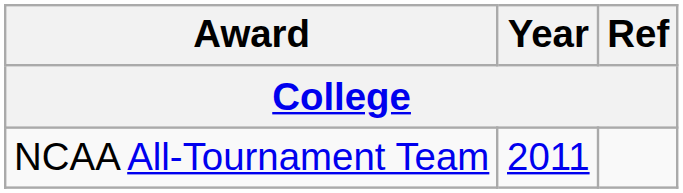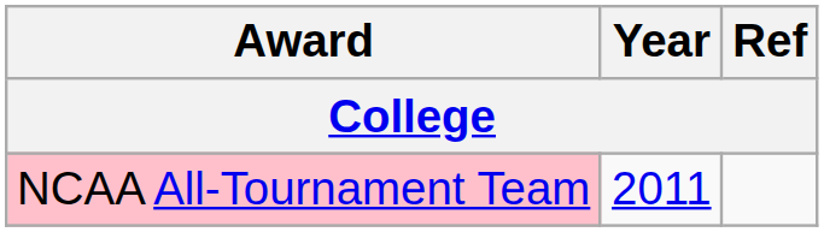 <table class="wikitable">
 <tr>
 <th>Award</th>
 <th>Year</th>
 <th>Ref</th>
 </tr>
 <tr>
 <th colspan="3"><a href='#'>College</a></th>
 </tr>
 <tr>
-<td>NCAA <a href='#'>All-Tournament Team</a></td>
+<td style="background: pink;">NCAA <a href='#'>All-Tournament Team</a></td>
 <td><a href='#'>2011</a></td>
 <td></td>
 </tr>
 </table>
